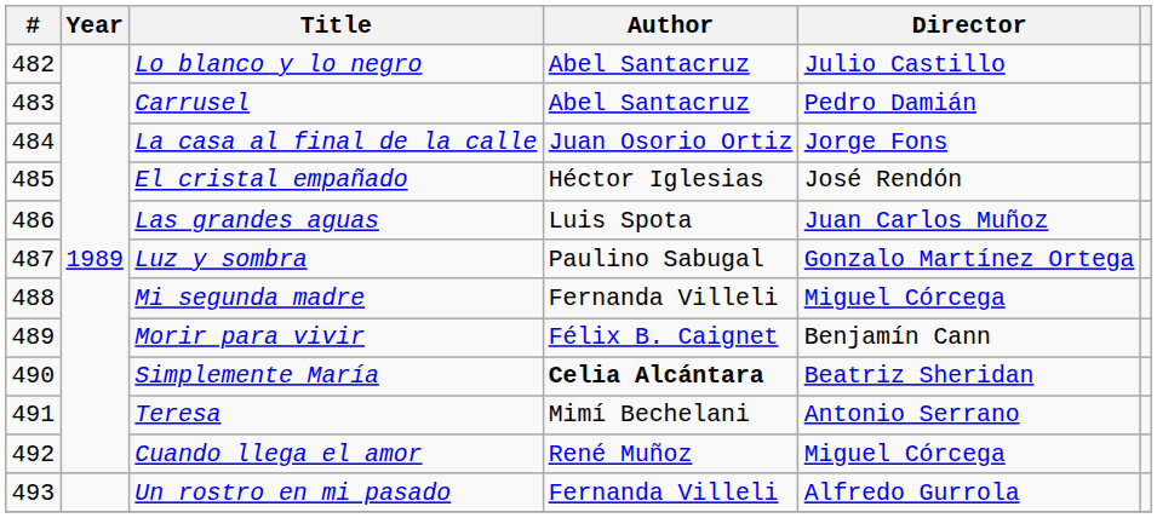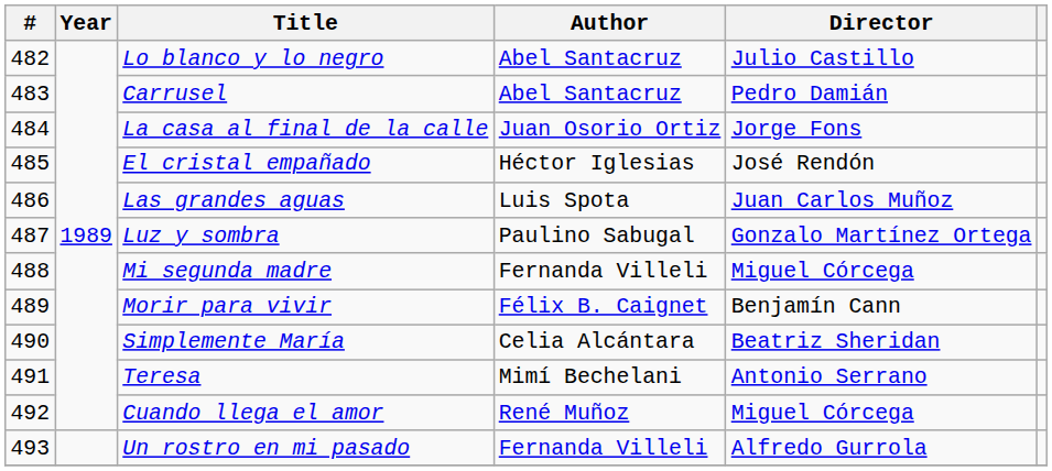 <table class="wikitable sortable">
 <tr>
 <th>#</th>
 <th>Year</th>
 <th>Title</th>
 <th>Author</th>
 <th>Director</th>
 <th></th>
 </tr>
 <tr>
 <td>482</td>
 <td rowspan="11"><a href='#'>1989</a></td>
 <td><em><a href='#'>Lo blanco y lo negro</a></em></td>
 <td><a href='#'>Abel Santacruz</a></td>
 <td><a href='#'>Julio Castillo</a></td>
 <td></td>
 </tr>
 <tr>
 <td>483</td>
 <td><em><a href='#'>Carrusel</a></em></td>
 <td><a href='#'>Abel Santacruz</a></td>
 <td><a href='#'>Pedro Damián</a></td>
 <td></td>
 </tr>
 <tr>
 <td>484</td>
 <td><em><a href='#'>La casa al final de la calle</a></em></td>
 <td><a href='#'>Juan Osorio Ortiz</a></td>
 <td><a href='#'>Jorge Fons</a></td>
 <td></td>
 </tr>
 <tr>
 <td>485</td>
 <td><em><a href='#'>El cristal empañado</a></em></td>
 <td>Héctor Iglesias</td>
 <td>José Rendón</td>
 <td></td>
 </tr>
 <tr>
 <td>486</td>
 <td><em><a href='#'>Las grandes aguas</a></em></td>
 <td>Luis Spota</td>
 <td><a href='#'>Juan Carlos Muñoz</a></td>
 <td></td>
 </tr>
 <tr>
 <td>487</td>
 <td><em><a href='#'>Luz y sombra</a></em></td>
 <td>Paulino Sabugal</td>
 <td><a href='#'>Gonzalo Martínez Ortega</a></td>
 <td></td>
 </tr>
 <tr>
 <td>488</td>
 <td><em><a href='#'>Mi segunda madre</a></em></td>
 <td>Fernanda Villeli</td>
 <td><a href='#'>Miguel Córcega</a></td>
 <td></td>
 </tr>
 <tr>
 <td>489</td>
 <td><em><a href='#'>Morir para vivir</a></em></td>
 <td><a href='#'>Félix B. Caignet</a></td>
 <td>Benjamín Cann</td>
 <td></td>
 </tr>
 <tr>
 <td>490</td>
 <td><em><a href='#'>Simplemente María</a></em></td>
-<td><strong>Celia Alcántara</strong></td>
+<td>Celia Alcántara</td>
 <td><a href='#'>Beatriz Sheridan</a></td>
 <td></td>
 </tr>
 <tr>
 <td>491</td>
 <td><em><a href='#'>Teresa</a></em></td>
 <td>Mimí Bechelani</td>
 <td><a href='#'>Antonio Serrano</a></td>
 <td></td>
 </tr>
 <tr>
 <td>492</td>
 <td><em><a href='#'>Cuando llega el amor</a></em></td>
 <td><a href='#'>René Muñoz</a></td>
 <td><a href='#'>Miguel Córcega</a></td>
 <td></td>
 </tr>
 <tr>
 <td>493</td>
 <td></td>
 <td><em><a href='#'>Un rostro en mi pasado</a></em></td>
 <td><a href='#'>Fernanda Villeli</a></td>
 <td><a href='#'>Alfredo Gurrola</a></td>
 <td></td>
 </tr>
 <tr>
 </tr>
 </table>
